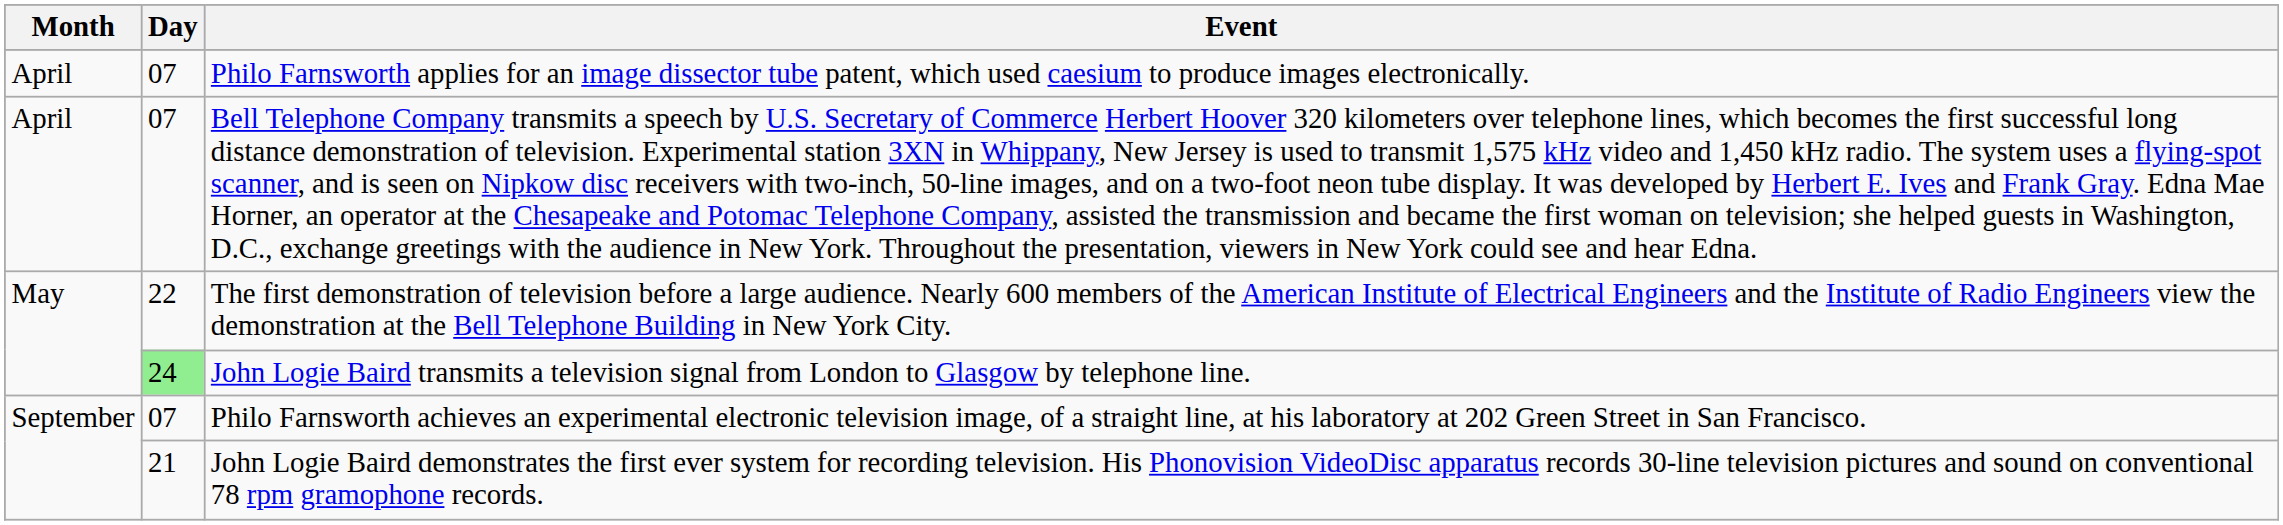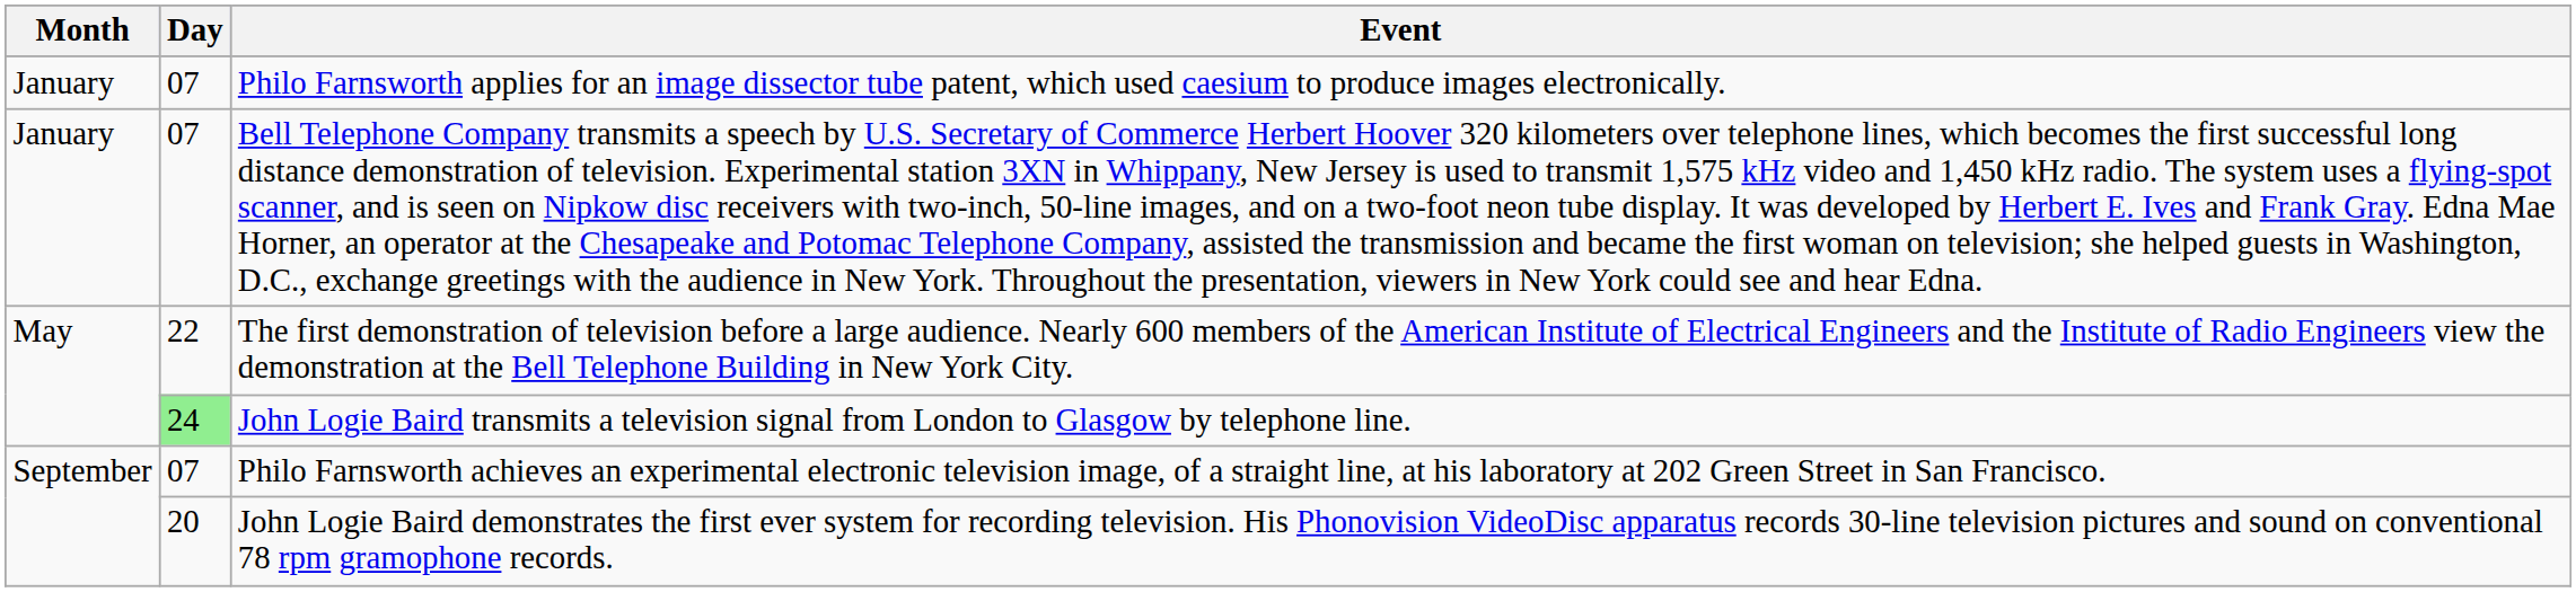 <table width=100% class="wikitable">
 <tr bgcolor="#CCCCFF" align="left">
 <th>Month</th>
 <th>Day</th>
 <th>Event</th>
 </tr>
 <tr valign="top">
-<td>April</td>
+<td>January</td>
 <td>07</td>
 <td><a href='#'>Philo Farnsworth</a> applies for an <a href='#'>image dissector tube</a> patent, which used <a href='#'>caesium</a> to produce images electronically.</td>
 </tr>
 <tr valign="top">
-<td>April</td>
+<td>January</td>
 <td>07</td>
 <td><a href='#'>Bell Telephone Company</a> transmits a speech by <a href='#'>U.S. Secretary of Commerce</a> <a href='#'>Herbert Hoover</a> 320 kilometers over telephone lines, which becomes the first successful long distance demonstration of television. Experimental station <a href='#'>3XN</a> in <a href='#'>Whippany</a>, New Jersey is used to transmit 1,575 <a href='#'>kHz</a> video and 1,450 kHz radio. The system uses a <a href='#'>flying-spot scanner</a>, and is seen on <a href='#'>Nipkow disc</a> receivers with two-inch, 50-line images, and on a two-foot neon tube display. It was developed by <a href='#'>Herbert E. Ives</a> and <a href='#'>Frank Gray</a>. Edna Mae Horner, an operator at the <a href='#'>Chesapeake and Potomac Telephone Company</a>, assisted the transmission and became the first woman on television; she helped guests in Washington, D.C., exchange greetings with the audience in New York. Throughout the presentation, viewers in New York could see and hear Edna.</td>
 </tr>
 <tr valign="top">
 <td rowspan="2" valign="top">May</td>
 <td>22</td>
 <td>The first demonstration of television before a large audience. Nearly 600 members of the <a href='#'>American Institute of Electrical Engineers</a> and the <a href='#'>Institute of Radio Engineers</a> view the demonstration at the <a href='#'>Bell Telephone Building</a> in New York City.</td>
 </tr>
 <tr valign="top">
 <td style="background: lightgreen;">24</td>
 <td><a href='#'>John Logie Baird</a> transmits a television signal from London to <a href='#'>Glasgow</a> by telephone line.</td>
 </tr>
 <tr valign="top">
 <td rowspan="2" valign="top">September</td>
 <td>07</td>
 <td>Philo Farnsworth achieves an experimental electronic television image, of a straight line, at his laboratory at 202 Green Street in San Francisco.</td>
 </tr>
 <tr valign="top">
-<td>21</td>
+<td>20</td>
 <td>John Logie Baird demonstrates the first ever system for recording television. His <a href='#'>Phonovision VideoDisc apparatus</a> records 30-line television pictures and sound on conventional 78 <a href='#'>rpm</a> <a href='#'>gramophone</a> records.</td>
 </tr>
 </table>
